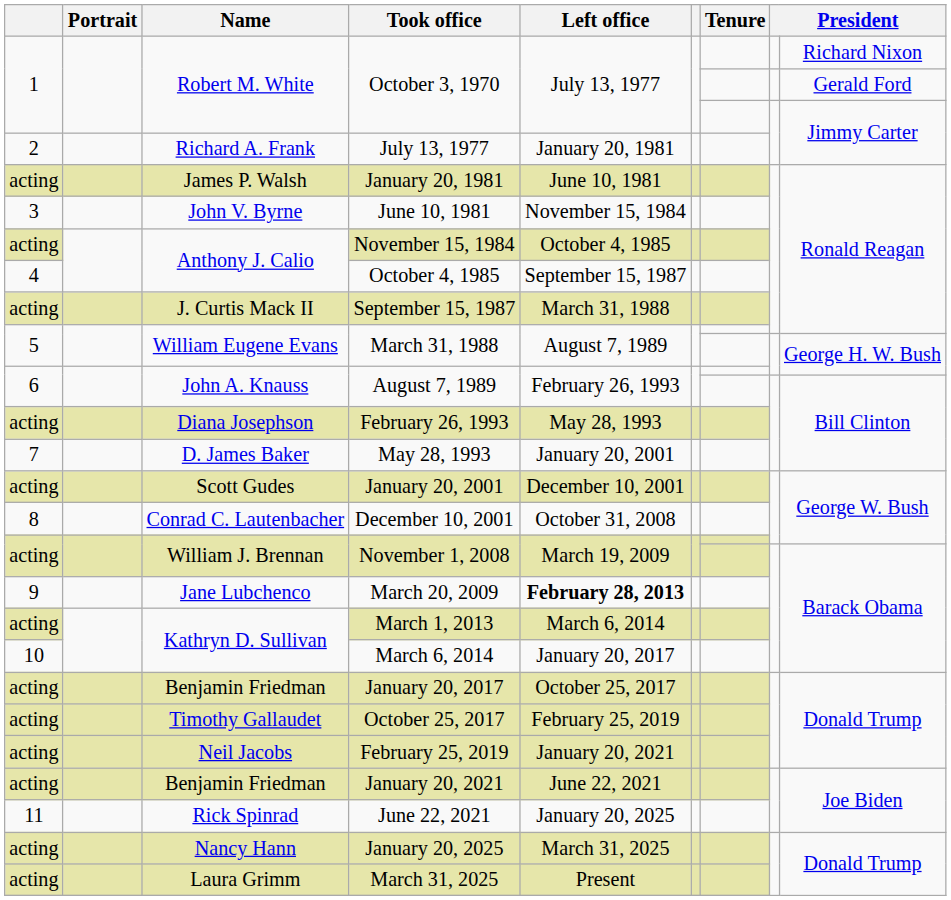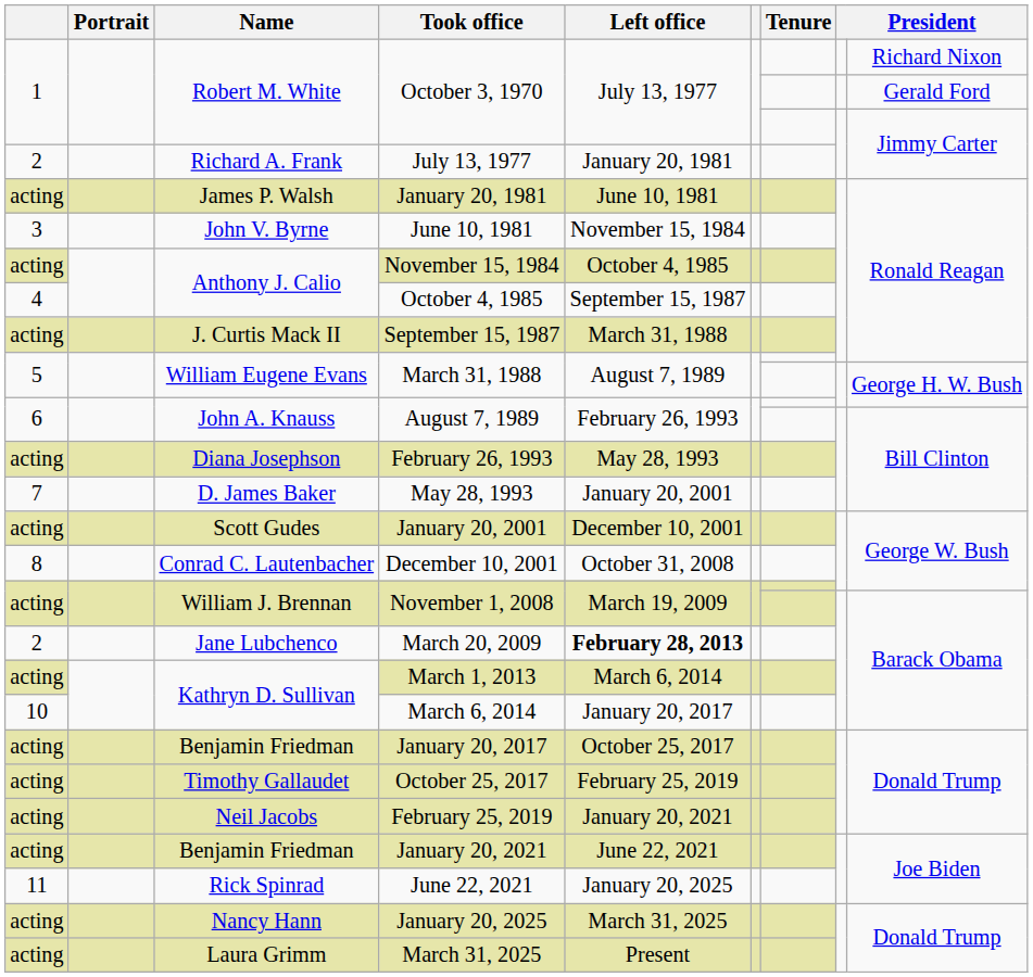 <table class="wikitable" style="clear:right; text-align:center">
 <tr>
 <th></th>
 <th>Portrait</th>
 <th>Name</th>
 <th>Took office</th>
 <th>Left office</th>
 <th></th>
 <th>Tenure</th>
 <th colspan="2"><a href='#'>President</a><br></th>
 </tr>
 <tr>
 <td rowspan=3>1</td>
 <td rowspan=3></td>
 <td rowspan=3><a href='#'>Robert M. White</a></td>
 <td rowspan=3>October 3, 1970</td>
 <td rowspan=3>July 13, 1977</td>
 <td rowspan=3></td>
 <td></td>
 <td rowspan=1 style="background: "></td>
 <td rowspan=1><a href='#'>Richard Nixon</a></td>
 </tr>
 <tr>
 <td></td>
 <td style="background: "></td>
 <td><a href='#'>Gerald Ford</a></td>
 </tr>
 <tr>
 <td><br></td>
 <td rowspan=2 style="background: "></td>
 <td rowspan=2><a href='#'>Jimmy Carter</a></td>
 </tr>
 <tr>
 <td>2</td>
 <td></td>
 <td><a href='#'>Richard A. Frank</a></td>
 <td>July 13, 1977</td>
 <td>January 20, 1981</td>
 <td></td>
 <td></td>
 </tr>
 <tr>
 <td style="background: #E6E6AA;">acting</td>
 <td style="background: #E6E6AA;"></td>
 <td style="background: #E6E6AA;">James P. Walsh</td>
 <td style="background: #E6E6AA;">January 20, 1981</td>
 <td style="background: #E6E6AA;">June 10, 1981</td>
 <td style="background: #E6E6AA;"></td>
 <td style="background: #E6E6AA;"></td>
 <td rowspan=6 style="background: "></td>
 <td rowspan=6><a href='#'>Ronald Reagan</a></td>
 </tr>
 <tr>
 <td>3</td>
 <td></td>
 <td><a href='#'>John V. Byrne</a></td>
 <td>June 10, 1981</td>
 <td>November 15, 1984</td>
 <td></td>
 <td></td>
 </tr>
 <tr>
 <td style="background: #E6E6AA;">acting</td>
 <td rowspan=2></td>
 <td rowspan=2><a href='#'>Anthony J. Calio</a></td>
 <td style="background: #E6E6AA;">November 15, 1984</td>
 <td style="background: #E6E6AA;">October 4, 1985</td>
 <td style="background: #E6E6AA;"></td>
 <td style="background: #E6E6AA;"></td>
 </tr>
 <tr>
 <td>4</td>
 <td>October 4, 1985</td>
 <td nowrap>September 15, 1987</td>
 <td></td>
 <td><br></td>
 </tr>
 <tr>
 <td style="background: #E6E6AA;">acting</td>
 <td style="background: #E6E6AA;"></td>
 <td style="background: #E6E6AA;">J. Curtis Mack II</td>
 <td style="background: #E6E6AA;" nowrap>September 15, 1987</td>
 <td style="background: #E6E6AA;">March 31, 1988</td>
 <td style="background: #E6E6AA;"></td>
 <td style="background: #E6E6AA;"></td>
 </tr>
 <tr>
 <td rowspan=2>5</td>
 <td rowspan=2></td>
 <td rowspan=2><a href='#'>William Eugene Evans</a></td>
 <td rowspan=2>March 31, 1988</td>
 <td rowspan=2>August 7, 1989</td>
 <td rowspan=2></td>
 <td></td>
 </tr>
 <tr>
 <td><br></td>
 <td rowspan=2 style="background: "></td>
 <td rowspan=2><a href='#'>George H. W. Bush</a></td>
 </tr>
 <tr>
 <td rowspan=2>6</td>
 <td rowspan=2></td>
 <td rowspan=2><a href='#'>John A. Knauss</a></td>
 <td rowspan=2>August 7, 1989</td>
 <td rowspan=2>February 26, 1993</td>
 <td rowspan=2></td>
 <td></td>
 </tr>
 <tr>
 <td><br></td>
 <td rowspan=3 style="background: "></td>
 <td rowspan=3><a href='#'>Bill Clinton</a></td>
 </tr>
 <tr>
 <td style="background: #E6E6AA;">acting</td>
 <td style="background: #E6E6AA;"></td>
 <td style="background: #E6E6AA;"><a href='#'>Diana Josephson</a></td>
 <td style="background: #E6E6AA;">February 26, 1993</td>
 <td style="background: #E6E6AA;">May 28, 1993</td>
 <td style="background: #E6E6AA;"></td>
 <td style="background: #E6E6AA;"></td>
 </tr>
 <tr>
 <td>7</td>
 <td></td>
 <td><a href='#'>D. James Baker</a></td>
 <td>May 28, 1993</td>
 <td>January 20, 2001</td>
 <td></td>
 <td></td>
 </tr>
 <tr>
 <td style="background: #E6E6AA;">acting</td>
 <td style="background: #E6E6AA;"></td>
 <td style="background: #E6E6AA;">Scott Gudes</td>
 <td style="background: #E6E6AA;">January 20, 2001</td>
 <td style="background: #E6E6AA;" nowrap>December 10, 2001</td>
 <td style="background: #E6E6AA;"></td>
 <td style="background: #E6E6AA;"></td>
 <td rowspan=3 style="background: "></td>
 <td rowspan=3><a href='#'>George W. Bush</a></td>
 </tr>
 <tr>
 <td>8</td>
 <td></td>
 <td><a href='#'>Conrad C. Lautenbacher</a></td>
 <td nowrap>December 10, 2001</td>
 <td>October 31, 2008</td>
 <td></td>
 <td></td>
 </tr>
 <tr>
 <td rowspan=2 style="background: #E6E6AA;">acting</td>
 <td rowspan=2 style="background: #E6E6AA;"></td>
 <td rowspan=2 style="background: #E6E6AA;">William J. Brennan</td>
 <td rowspan=2 style="background: #E6E6AA;">November 1, 2008</td>
 <td rowspan=2 style="background: #E6E6AA;">March 19, 2009</td>
 <td rowspan=2 style="background: #E6E6AA;"></td>
 <td style="background: #E6E6AA;"></td>
 </tr>
 <tr>
 <td style="background: #E6E6AA;"><br></td>
 <td rowspan=4 style="background: "></td>
 <td rowspan=4><a href='#'>Barack Obama</a></td>
 </tr>
 <tr>
-<td>9</td>
+<td>2</td>
 <td></td>
 <td><a href='#'>Jane Lubchenco</a></td>
 <td>March 20, 2009</td>
 <td><strong>February 28, 2013</strong></td>
 <td></td>
 <td></td>
 </tr>
 <tr>
 <td style="background: #E6E6AA;">acting</td>
 <td rowspan=2></td>
 <td rowspan=2><a href='#'>Kathryn D. Sullivan</a></td>
 <td style="background: #E6E6AA;">March 1, 2013</td>
 <td style="background: #E6E6AA;">March 6, 2014</td>
 <td style="background: #E6E6AA;"></td>
 <td style="background: #E6E6AA;"></td>
 </tr>
 <tr>
 <td>10</td>
 <td>March 6, 2014</td>
 <td>January 20, 2017</td>
 <td></td>
 <td><br></td>
 </tr>
 <tr>
 <td style="background: #E6E6AA;">acting</td>
 <td style="background: #E6E6AA;"></td>
 <td style="background: #E6E6AA;">Benjamin Friedman</td>
 <td style="background: #E6E6AA;">January 20, 2017</td>
 <td style="background: #E6E6AA;">October 25, 2017</td>
 <td style="background: #E6E6AA;"></td>
 <td style="background: #E6E6AA;"></td>
 <td rowspan=3 style="background: "></td>
 <td rowspan=3><a href='#'>Donald Trump</a></td>
 </tr>
 <tr>
 <td style="background: #E6E6AA;">acting</td>
 <td style="background: #E6E6AA;"></td>
 <td style="background: #E6E6AA;"><a href='#'>Timothy Gallaudet</a></td>
 <td style="background: #E6E6AA;">October 25, 2017</td>
 <td style="background: #E6E6AA;">February 25, 2019</td>
 <td style="background: #E6E6AA;"></td>
 <td style="background: #E6E6AA;"></td>
 </tr>
 <tr>
 <td style="background: #E6E6AA;">acting</td>
 <td style="background: #E6E6AA;"></td>
 <td style="background: #E6E6AA;"><a href='#'>Neil Jacobs</a></td>
 <td style="background: #E6E6AA;">February 25, 2019</td>
 <td style="background: #E6E6AA;">January 20, 2021</td>
 <td style="background: #E6E6AA;"></td>
 <td style="background: #E6E6AA;"></td>
 </tr>
 <tr>
 <td style="background: #E6E6AA;">acting</td>
 <td style="background: #E6E6AA;"></td>
 <td style="background: #E6E6AA;">Benjamin Friedman</td>
 <td style="background: #E6E6AA;">January 20, 2021</td>
 <td style="background: #E6E6AA;">June 22, 2021</td>
 <td style="background: #E6E6AA;"></td>
 <td style="background: #E6E6AA;"></td>
 <td rowspan="2" style="background: "></td>
 <td rowspan="2"><a href='#'>Joe Biden</a></td>
 </tr>
 <tr>
 <td>11</td>
 <td></td>
 <td><a href='#'>Rick Spinrad</a></td>
 <td>June 22, 2021</td>
 <td>January 20, 2025</td>
 <td></td>
 <td></td>
 </tr>
 <tr>
 <td style="background: #E6E6AA;">acting</td>
 <td style="background: #E6E6AA;"></td>
 <td style="background: #E6E6AA;"><a href='#'>Nancy Hann</a></td>
 <td style="background: #E6E6AA;">January 20, 2025</td>
 <td style="background: #E6E6AA;">March 31, 2025</td>
 <td style="background: #E6E6AA;"></td>
 <td style="background: #E6E6AA;"></td>
 <td rowspan=4 style="background: "></td>
 <td rowspan=4><a href='#'>Donald Trump</a></td>
 </tr>
 <tr>
 <td style="background: #E6E6AA;">acting</td>
 <td style="background: #E6E6AA;"></td>
 <td style="background: #E6E6AA;">Laura Grimm</td>
 <td style="background: #E6E6AA;">March 31, 2025</td>
 <td style="background: #E6E6AA;">Present</td>
 <td style="background: #E6E6AA;"></td>
 <td style="background: #E6E6AA;"></td>
 </tr>
 <tr>
 </tr>
 </table>
